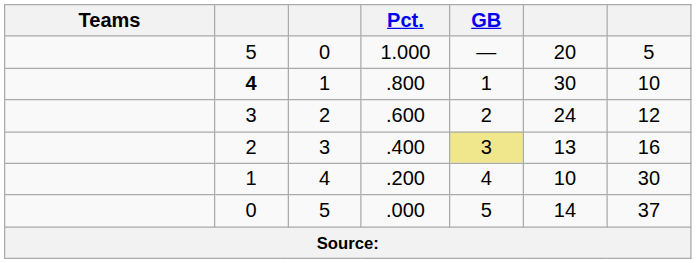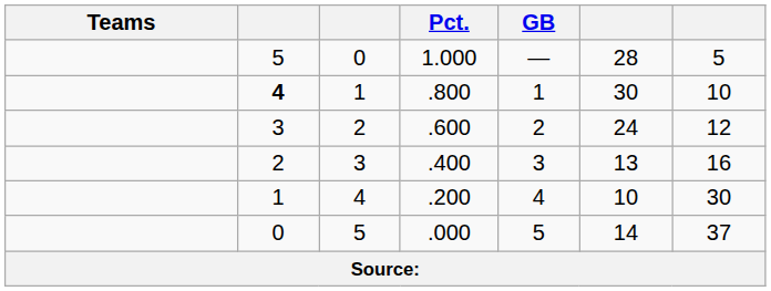 <table class="wikitable" width="550" style="text-align:center;">
 <tr>
 <th width="20%">Teams</th>
 <th width="7%"></th>
 <th width="7%"></th>
 <th width="8%"><a href='#'>Pct.</a></th>
 <th width="7%"><a href='#'>GB</a></th>
 <th width="8%"></th>
 <th width="8%"></th>
 </tr>
 <tr>
 <td align=left></td>
 <td>5</td>
 <td>0</td>
 <td>1.000</td>
 <td>—</td>
-<td>20</td>
+<td>28</td>
 <td>5</td>
 </tr>
 <tr>
 <td align=left></td>
 <td><strong>4</strong></td>
 <td>1</td>
 <td>.800</td>
 <td>1</td>
 <td>30</td>
 <td>10</td>
 </tr>
 <tr>
 <td align=left></td>
 <td>3</td>
 <td>2</td>
 <td>.600</td>
 <td>2</td>
 <td>24</td>
 <td>12</td>
 </tr>
 <tr>
 <td align=left></td>
 <td>2</td>
 <td>3</td>
 <td>.400</td>
-<td style="background: khaki;">3</td>
+<td>3</td>
 <td>13</td>
 <td>16</td>
 </tr>
 <tr>
 <td align=left></td>
 <td>1</td>
 <td>4</td>
 <td>.200</td>
 <td>4</td>
 <td>10</td>
 <td>30</td>
 </tr>
 <tr>
 <td align=left></td>
 <td>0</td>
 <td>5</td>
 <td>.000</td>
 <td>5</td>
 <td>14</td>
 <td>37</td>
 </tr>
 <tr>
 <th colspan="8"><small>Source: </small></th>
 </tr>
 </table>
